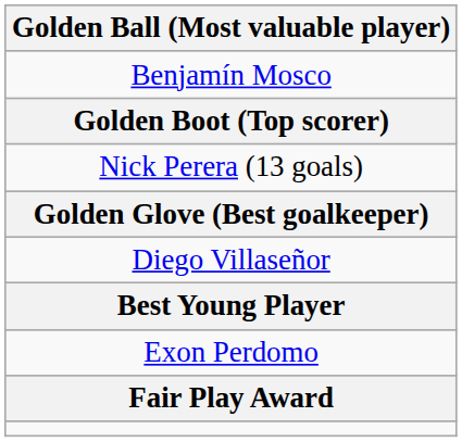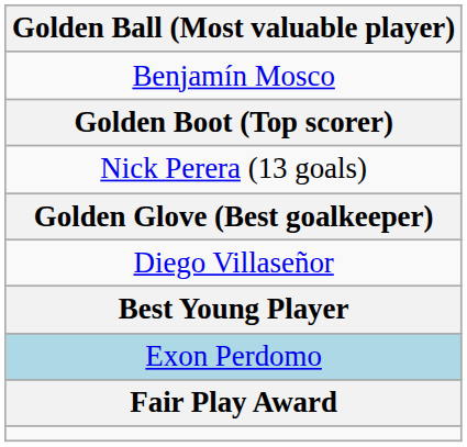 <table class="wikitable">
 <tr>
 <th>Golden Ball (Most valuable player)</th>
 </tr>
 <tr>
 <td align=center> <a href='#'>Benjamín Mosco</a></td>
 </tr>
 <tr>
 <th>Golden Boot (Top scorer)</th>
 </tr>
 <tr>
 <td align=center> <a href='#'>Nick Perera</a> (13 goals)</td>
 </tr>
 <tr>
 <th>Golden Glove (Best goalkeeper)</th>
 </tr>
 <tr>
 <td align=center> <a href='#'>Diego Villaseñor</a></td>
 </tr>
 <tr>
 <th>Best Young Player</th>
 </tr>
 <tr>
-<td align=center> <a href='#'>Exon Perdomo</a></td>
+<td align=center style="background: lightblue;"> <a href='#'>Exon Perdomo</a></td>
 </tr>
 <tr>
 <th>Fair Play Award</th>
 </tr>
 <tr>
 <td align=center></td>
 </tr>
 </table>
